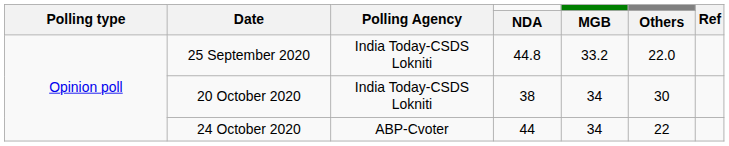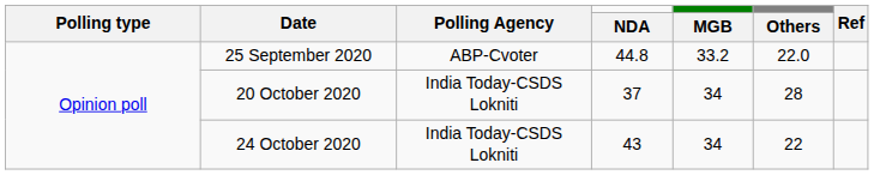 <table class="wikitable sortable" style="text-align:center;line-height:20px;">
 <tr>
 <th rowspan="2" class="wikitable" style="width:180px;">Polling type</th>
 <th rowspan="2" class="wikitable" style="width:180px;">Date</th>
 <th rowspan="2" class="wikitable" style="width:180px;">Polling Agency</th>
 <td></td>
 <td bgcolor=#008000></td>
 <td style="background:gray;"></td>
 <th rowspan="2"><strong>Ref</strong></th>
 </tr>
 <tr>
 <th class="wikitable" style="width:70px;">NDA</th>
 <th class="wikitable" style="width:70px;">MGB</th>
 <th class="wikitable" style="width:70px;">Others</th>
 </tr>
 <tr>
 <td rowspan="3"><a href='#'>Opinion poll</a></td>
 <td>25 September 2020</td>
-<td>India Today-CSDS Lokniti</td>
+<td>ABP-Cvoter</td>
 <td>44.8</td>
 <td>33.2</td>
 <td>22.0</td>
 <td></td>
 </tr>
 <tr>
 <td>20 October 2020</td>
 <td>India Today-CSDS Lokniti</td>
-<td>38</td>
+<td>37</td>
 <td>34</td>
-<td>30</td>
+<td>28</td>
 <td></td>
 </tr>
 <tr>
 <td>24 October 2020</td>
-<td>ABP-Cvoter</td>
-<td>44</td>
+<td>India Today-CSDS Lokniti</td>
+<td>43</td>
 <td>34</td>
 <td>22</td>
 <td></td>
 </tr>
 </table>
